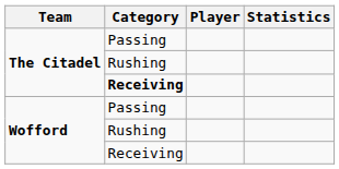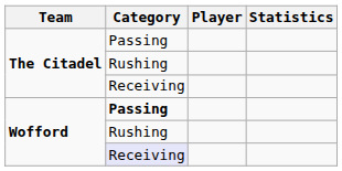 <table class="wikitable" style="float: right;">
 <tr>
 <th>Team</th>
 <th>Category</th>
 <th>Player</th>
 <th>Statistics</th>
 </tr>
 <tr>
 <td rowspan=3><strong>The Citadel</strong></td>
 <td>Passing</td>
 <td></td>
 <td></td>
 </tr>
 <tr>
 <td>Rushing</td>
 <td></td>
 <td></td>
 </tr>
 <tr>
-<td><strong>Receiving</strong></td>
+<td>Receiving</td>
 <td></td>
 <td></td>
 </tr>
 <tr>
 <td rowspan=3><strong>Wofford</strong></td>
-<td>Passing</td>
+<td><strong>Passing</strong></td>
 <td></td>
 <td></td>
 </tr>
 <tr>
 <td>Rushing</td>
 <td></td>
 <td></td>
 </tr>
 <tr>
-<td>Receiving</td>
+<td style="background: lavender;">Receiving</td>
 <td></td>
 <td></td>
 </tr>
 </table>
